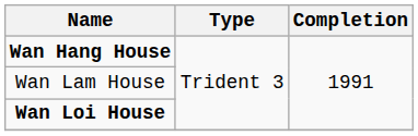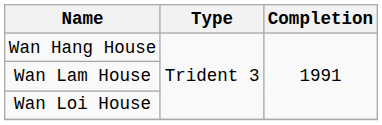 <table class="wikitable" style="text-align: center">
 <tr>
 <th>Name</th>
 <th>Type</th>
 <th>Completion</th>
 </tr>
 <tr>
-<td><strong>Wan Hang House</strong></td>
+<td>Wan Hang House</td>
 <td rowspan="3">Trident 3</td>
 <td rowspan="3">1991</td>
 </tr>
 <tr>
 <td>Wan Lam House</td>
 </tr>
 <tr>
-<td><strong>Wan Loi House</strong></td>
+<td>Wan Loi House</td>
 </tr>
 <tr>
 </tr>
 </table>
